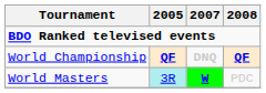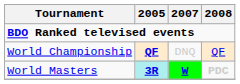 <table class=wikitable style=text-align:center;font-size:88%>
 <tr>
 <th>Tournament</th>
 <th>2005</th>
 <th>2007</th>
 <th>2008</th>
 </tr>
 <tr>
 <td colspan="20" align="left"><strong><a href='#'>BDO</a> Ranked televised events</strong></td>
 </tr>
 <tr>
 <td align=left><a href='#'>World Championship</a></td>
 <td style="text-align:center; background:#ffebcd;"><strong><a href='#'>QF</a></strong></td>
-<td style="text-align:center; color:#ccc;"><strong>DNQ</strong></td>
-<td style="text-align:center; background:#ffebcd;"><strong><a href='#'>QF</a></strong></td>
+<td style="text-align:center; color:#ccc;">DNQ</td>
+<td style="text-align:center; background:#ffebcd;"><a href='#'>QF</a></td>
 </tr>
 <tr>
 <td align=left><a href='#'>World Masters</a></td>
-<td style="text-align:center; background:#afeeee;"><a href='#'>3R</a></td>
+<td style="text-align:center; background:#afeeee;"><strong><a href='#'>3R</a></strong></td>
 <td style="text-align:center; background:lime;"><strong><a href='#'>W</a></strong></td>
-<td style="text-align:center; color:#ccc;">PDC</td>
+<td style="text-align:center; color:#ccc;"><strong>PDC</strong></td>
 </tr>
 <tr>
 </tr>
 </table>
